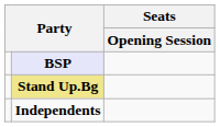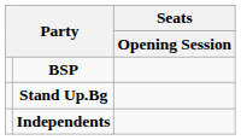 <table class="wikitable">
 <tr>
 <th colspan="2" rowspan="2">Party</th>
 <th colspan="2">Seats</th>
 </tr>
 <tr>
 <th>Opening Session</th>
 </tr>
 <tr>
 <td style="color:inherit;background:"></td>
-<td style="background: lavender; text-align:center"><strong>BSP</strong></td>
+<td style="text-align:center"><strong>BSP</strong></td>
 <td></td>
 </tr>
 <tr>
 <td style="color:inherit;background:"></td>
-<td style="background: khaki; text-align:center"><strong>Stand Up.Bg</strong></td>
+<td style="text-align:center"><strong>Stand Up.Bg</strong></td>
 <td></td>
 </tr>
 <tr>
 <td style="color:inherit;background:"></td>
 <td style="text-align:center"><strong>Independents</strong></td>
 <td></td>
 </tr>
 </table>
